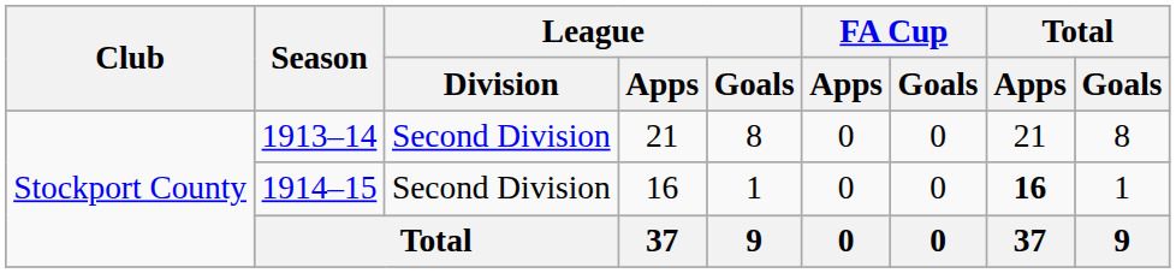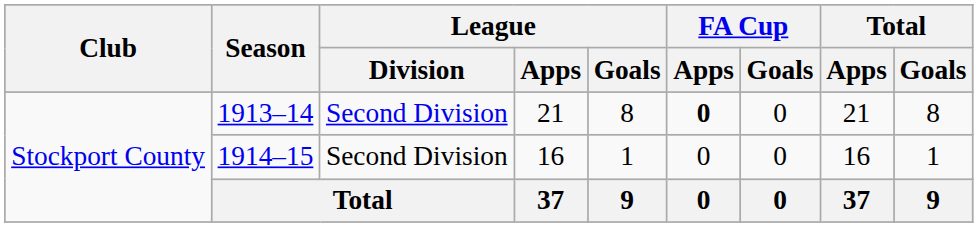 <table class="wikitable" style="text-align:center">
 <tr>
 <th rowspan="2">Club</th>
 <th rowspan="2">Season</th>
 <th colspan="3">League</th>
 <th colspan="2"><a href='#'>FA Cup</a></th>
 <th colspan="2">Total</th>
 </tr>
 <tr>
 <th>Division</th>
 <th>Apps</th>
 <th>Goals</th>
 <th>Apps</th>
 <th>Goals</th>
 <th>Apps</th>
 <th>Goals</th>
 </tr>
 <tr>
 <td rowspan="3"><a href='#'>Stockport County</a></td>
 <td><a href='#'>1913–14</a></td>
 <td><a href='#'>Second Division</a></td>
 <td>21</td>
 <td>8</td>
-<td>0</td>
+<td><strong>0</strong></td>
 <td>0</td>
 <td>21</td>
 <td>8</td>
 </tr>
 <tr>
 <td><a href='#'>1914–15</a></td>
 <td>Second Division</td>
 <td>16</td>
 <td>1</td>
 <td>0</td>
 <td>0</td>
-<td><strong>16</strong></td>
+<td>16</td>
 <td>1</td>
 </tr>
 <tr>
 <th colspan="2">Total</th>
 <th>37</th>
 <th>9</th>
 <th>0</th>
 <th>0</th>
 <th>37</th>
 <th>9</th>
 </tr>
 </table>
